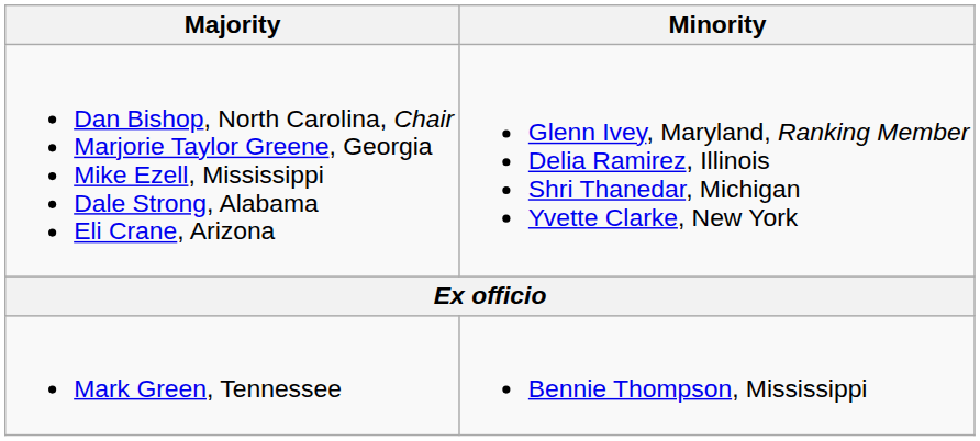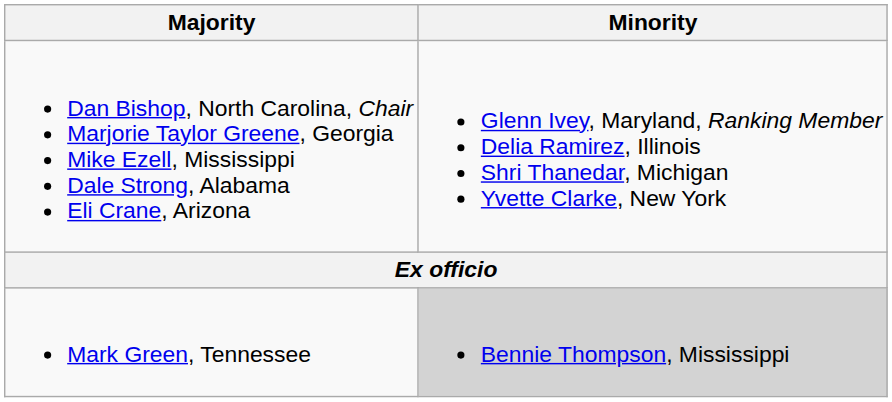 <table class=wikitable>
 <tr>
 <th>Majority</th>
 <th>Minority</th>
 </tr>
 <tr>
 <td><br><ul><li><a href='#'>Dan Bishop</a>, North Carolina, <em>Chair</em></li><li><a href='#'>Marjorie Taylor Greene</a>, Georgia</li><li><a href='#'>Mike Ezell</a>, Mississippi</li><li><a href='#'>Dale Strong</a>, Alabama</li><li><a href='#'>Eli Crane</a>, Arizona</li></ul></td>
 <td><br><ul><li><a href='#'>Glenn Ivey</a>, Maryland, <em>Ranking Member</em></li><li><a href='#'>Delia Ramirez</a>, Illinois</li><li><a href='#'>Shri Thanedar</a>, Michigan</li><li><a href='#'>Yvette Clarke</a>, New York</li></ul></td>
 </tr>
 <tr>
 <th colspan=2><em>Ex officio</em></th>
 </tr>
 <tr>
 <td><br><ul><li><a href='#'>Mark Green</a>, Tennessee</li></ul></td>
-<td><br><ul><li><a href='#'>Bennie Thompson</a>, Mississippi</li></ul></td>
+<td style="background: lightgrey;"><br><ul><li><a href='#'>Bennie Thompson</a>, Mississippi</li></ul></td>
 </tr>
 </table>
